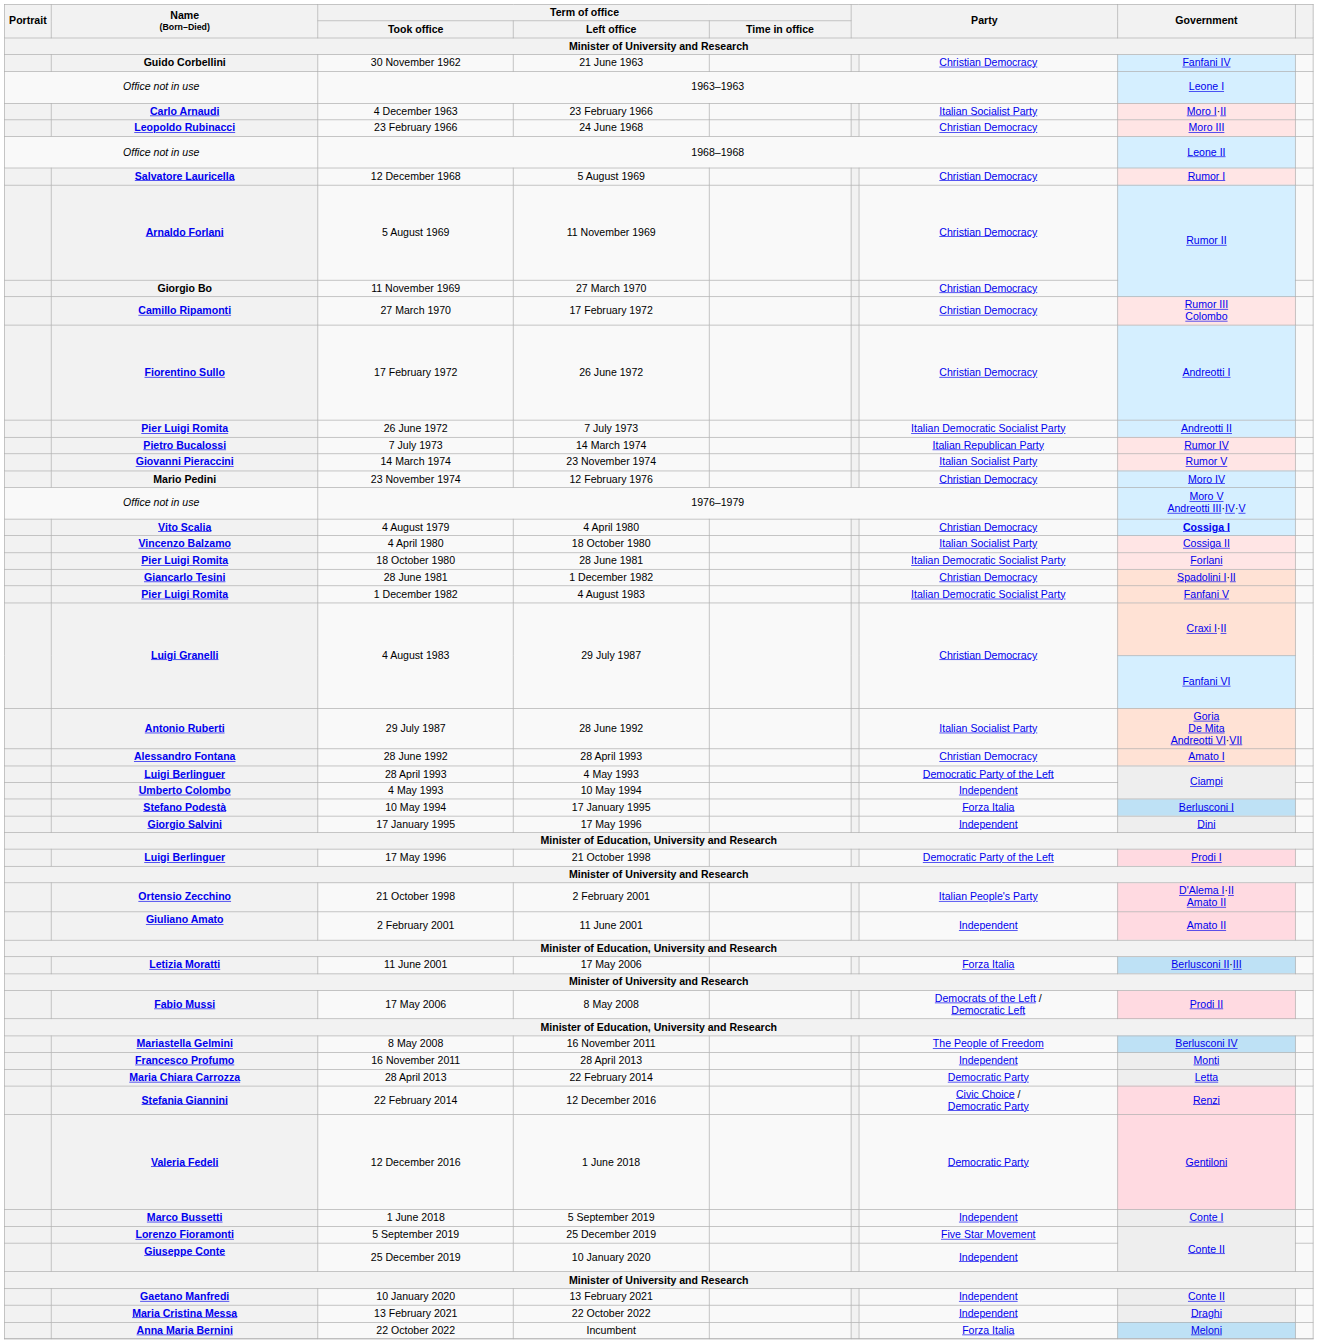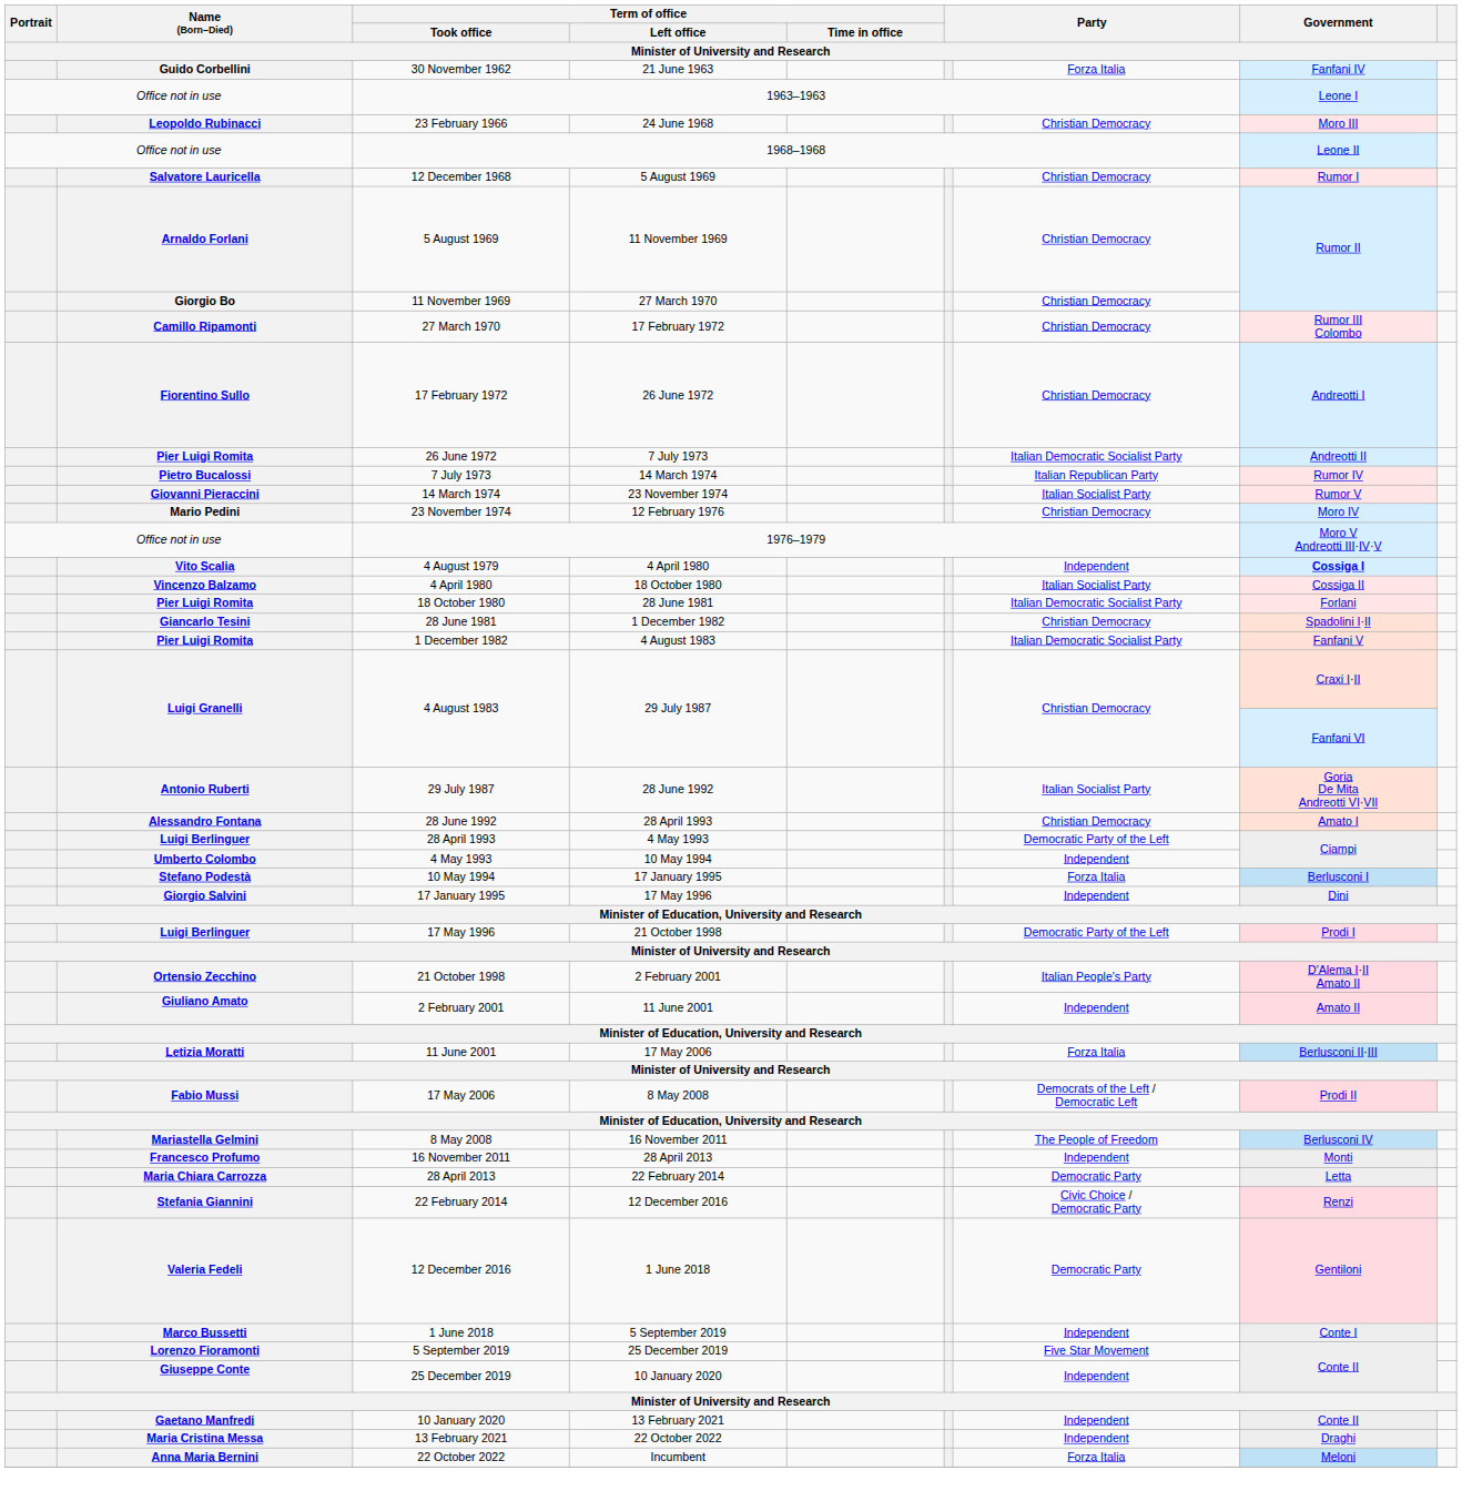 <table class="wikitable" style="text-align:center; style="width=100%">
 <tr>
 <th width=1% rowspan=2>Portrait</th>
 <th width=15% rowspan=2>Name<br><small>(Born–Died)</small></th>
 <th width=30% colspan=3>Term of office</th>
 <th width=15% rowspan=2 colspan=2>Party</th>
 <th width=10% rowspan=2>Government</th>
 <th width=1% rowspan=2></th>
 </tr>
 <tr style="text-align:center;">
 <th width=11%>Took office</th>
 <th width=11%>Left office</th>
 <th width=8%>Time in office</th>
 </tr>
 <tr>
 <th colspan=9>Minister of University and Research</th>
 </tr>
 <tr>
 <th></th>
 <th scope="row" style="font-weight:normal"><strong>Guido Corbellini</strong><br></th>
 <td>30 November 1962</td>
 <td>21 June 1963</td>
 <td></td>
 <th style="background:"></th>
-<td><a href='#'>Christian Democracy</a></td>
+<td><a href='#'>Forza Italia</a></td>
 <td bgcolor=#D5EFFF><a href='#'>Fanfani IV</a></td>
 <td></td>
 </tr>
 <tr style="height:3em;">
 <td colspan=2><em>Office not in use</em></td>
 <td colspan=5 align="center">1963–1963</td>
 <td bgcolor=#D5EFFF><a href='#'>Leone I</a></td>
-<td></td>
-</tr>
-<tr>
-<th></th>
-<th scope="row" style="font-weight:normal"><strong><a href='#'>Carlo Arnaudi</a></strong><br></th>
-<td>4 December 1963</td>
-<td>23 February 1966</td>
-<td></td>
-<th style="background:"></th>
-<td><a href='#'>Italian Socialist Party</a></td>
-<td bgcolor=#FFE5E5><a href='#'>Moro I</a>·<a href='#'>II</a></td>
 <td></td>
 </tr>
 <tr>
 <th></th>
 <th scope="row" style="font-weight:normal"><strong><a href='#'>Leopoldo Rubinacci</a></strong><br></th>
 <td>23 February 1966</td>
 <td>24 June 1968</td>
 <td></td>
 <th style="background:"></th>
 <td><a href='#'>Christian Democracy</a></td>
 <td bgcolor=#FFE5E5><a href='#'>Moro III</a></td>
 <td></td>
 </tr>
 <tr style="height:3em;">
 <td colspan=2><em>Office not in use</em></td>
 <td colspan=5 align="center">1968–1968</td>
 <td bgcolor=#D5EFFF><a href='#'>Leone II</a></td>
 <td></td>
 </tr>
 <tr>
 <th></th>
 <th scope="row" style="font-weight:normal"><strong><a href='#'>Salvatore Lauricella</a></strong><br></th>
 <td>12 December 1968</td>
 <td>5 August 1969</td>
 <td></td>
 <th style="background:"></th>
 <td><a href='#'>Christian Democracy</a></td>
 <td bgcolor=#FFE5E5><a href='#'>Rumor I</a></td>
 <td></td>
 </tr>
 <tr style="height:9em;">
 <th></th>
 <th scope="row" style="font-weight:normal"><strong><a href='#'>Arnaldo Forlani</a></strong><br></th>
 <td>5 August 1969</td>
 <td>11 November 1969</td>
 <td></td>
 <th style="background:"></th>
 <td><a href='#'>Christian Democracy</a></td>
 <td rowspan=2 bgcolor=#D5EFFF><a href='#'>Rumor II</a></td>
 <td></td>
 </tr>
 <tr>
 <th></th>
 <th scope="row" style="font-weight:normal"><strong>Giorgio Bo</strong><br></th>
 <td>11 November 1969</td>
 <td>27 March 1970</td>
 <td></td>
 <th style="background:"></th>
 <td><a href='#'>Christian Democracy</a></td>
 <td></td>
 </tr>
 <tr>
 <th></th>
 <th scope="row" style="font-weight:normal"><strong><a href='#'>Camillo Ripamonti</a></strong><br></th>
 <td>27 March 1970</td>
 <td>17 February 1972</td>
 <td></td>
 <th style="background:"></th>
 <td><a href='#'>Christian Democracy</a></td>
 <td bgcolor=#FFE5E5><a href='#'>Rumor III</a><br><a href='#'>Colombo</a></td>
 <td></td>
 </tr>
 <tr style="height:9em;">
 <th></th>
 <th scope="row" style="font-weight:normal"><strong><a href='#'>Fiorentino Sullo</a></strong><br></th>
 <td>17 February 1972</td>
 <td>26 June 1972</td>
 <td></td>
 <th style="background:"></th>
 <td><a href='#'>Christian Democracy</a></td>
 <td bgcolor=#D5EFFF><a href='#'>Andreotti I</a></td>
 <td></td>
 </tr>
 <tr>
 <th></th>
 <th scope="row" style="font-weight:normal"><strong><a href='#'>Pier Luigi Romita</a></strong><br></th>
 <td>26 June 1972</td>
 <td>7 July 1973</td>
 <td></td>
 <th style="background:"></th>
 <td><a href='#'>Italian Democratic Socialist Party</a></td>
 <td bgcolor=#D5EFFF><a href='#'>Andreotti II</a></td>
 <td></td>
 </tr>
 <tr>
 <th></th>
 <th scope="row" style="font-weight:normal"><strong><a href='#'>Pietro Bucalossi</a></strong><br></th>
 <td>7 July 1973</td>
 <td>14 March 1974</td>
 <td></td>
 <th style="background:"></th>
 <td><a href='#'>Italian Republican Party</a></td>
 <td bgcolor=#FFE5E5><a href='#'>Rumor IV</a></td>
 <td></td>
 </tr>
 <tr>
 <th></th>
 <th scope="row" style="font-weight:normal"><strong><a href='#'>Giovanni Pieraccini</a></strong><br></th>
 <td>14 March 1974</td>
 <td>23 November 1974</td>
 <td></td>
 <th style="background:"></th>
 <td><a href='#'>Italian Socialist Party</a></td>
 <td bgcolor=#FFE5E5><a href='#'>Rumor V</a></td>
 <td></td>
 </tr>
 <tr>
 <th></th>
 <th scope="row" style="font-weight:normal"><strong>Mario Pedini</strong><br></th>
 <td>23 November 1974</td>
 <td>12 February 1976</td>
 <td></td>
 <th style="background:"></th>
 <td><a href='#'>Christian Democracy</a></td>
 <td bgcolor=#D5EFFF><a href='#'>Moro IV</a></td>
 <td></td>
 </tr>
 <tr style="height:3em;">
 <td colspan=2><em>Office not in use</em></td>
 <td colspan=5 align="center">1976–1979</td>
 <td bgcolor=#D5EFFF><a href='#'>Moro V</a><br><a href='#'>Andreotti III</a>·<a href='#'>IV</a>·<a href='#'>V</a></td>
 <td></td>
 </tr>
 <tr>
 <th></th>
 <th scope="row" style="font-weight:normal"><strong><a href='#'>Vito Scalia</a></strong><br></th>
 <td>4 August 1979</td>
 <td>4 April 1980</td>
 <td></td>
 <th style="background:"></th>
-<td><a href='#'>Christian Democracy</a></td>
+<td><a href='#'>Independent</a></td>
 <td bgcolor=#D5EFFF><strong><a href='#'>Cossiga I</a></strong></td>
 <td></td>
 </tr>
 <tr>
 <th></th>
 <th scope="row" style="font-weight:normal"><strong><a href='#'>Vincenzo Balzamo</a></strong><br></th>
 <td>4 April 1980</td>
 <td>18 October 1980</td>
 <td></td>
 <th style="background:"></th>
 <td><a href='#'>Italian Socialist Party</a></td>
 <td bgcolor=#FFE5E5><a href='#'>Cossiga II</a></td>
 <td></td>
 </tr>
 <tr>
 <th></th>
 <th scope="row" style="font-weight:normal"><strong><a href='#'>Pier Luigi Romita</a></strong><br></th>
 <td>18 October 1980</td>
 <td>28 June 1981</td>
 <td></td>
 <th style="background:"></th>
 <td><a href='#'>Italian Democratic Socialist Party</a></td>
 <td bgcolor=#FFE5E5><a href='#'>Forlani</a></td>
 <td></td>
 </tr>
 <tr>
 <th></th>
 <th scope="row" style="font-weight:normal"><strong><a href='#'>Giancarlo Tesini</a></strong><br></th>
 <td>28 June 1981</td>
 <td>1 December 1982</td>
 <td></td>
 <th style="background:"></th>
 <td><a href='#'>Christian Democracy</a></td>
 <td bgcolor=#FFE2D5><a href='#'>Spadolini I</a>·<a href='#'>II</a></td>
 <td></td>
 </tr>
 <tr>
 <th></th>
 <th scope="row" style="font-weight:normal"><strong><a href='#'>Pier Luigi Romita</a></strong><br></th>
 <td>1 December 1982</td>
 <td>4 August 1983</td>
 <td></td>
 <th style="background:"></th>
 <td><a href='#'>Italian Democratic Socialist Party</a></td>
 <td bgcolor=#FFE2D5><a href='#'>Fanfani V</a></td>
 <td></td>
 </tr>
 <tr style="height:5em;">
 <th rowspan=2></th>
 <th scope="row" style="font-weight:normal" rowspan=2><strong><a href='#'>Luigi Granelli</a></strong><br></th>
 <td rowspan=2>4 August 1983</td>
 <td rowspan=2>29 July 1987</td>
 <td rowspan=2></td>
 <th rowspan=2 style="background:"></th>
 <td rowspan=2><a href='#'>Christian Democracy</a></td>
 <td bgcolor=#FFE2D5><a href='#'>Craxi I</a>·<a href='#'>II</a></td>
 <td rowspan=2></td>
 </tr>
 <tr style="height:5em;">
 <td bgcolor=#D5EFFF><a href='#'>Fanfani VI</a></td>
 </tr>
 <tr>
 <th></th>
 <th scope="row" style="font-weight:normal"><strong><a href='#'>Antonio Ruberti</a></strong><br></th>
 <td>29 July 1987</td>
 <td>28 June 1992</td>
 <td></td>
 <th style="background:"></th>
 <td><a href='#'>Italian Socialist Party</a></td>
 <td bgcolor=#FFE2D5><a href='#'>Goria</a><br><a href='#'>De Mita</a><br><a href='#'>Andreotti VI</a>·<a href='#'>VII</a></td>
 <td></td>
 </tr>
 <tr>
 <th></th>
 <th scope="row" style="font-weight:normal"><strong><a href='#'>Alessandro Fontana</a></strong><br></th>
 <td>28 June 1992</td>
 <td>28 April 1993</td>
 <td></td>
 <th style="background:"></th>
 <td><a href='#'>Christian Democracy</a></td>
 <td bgcolor=#FFE2D5><a href='#'>Amato I</a></td>
 <td></td>
 </tr>
 <tr>
 <th></th>
 <th scope="row" style="font-weight:normal"><strong><a href='#'>Luigi Berlinguer</a></strong><br></th>
 <td>28 April 1993</td>
 <td>4 May 1993</td>
 <td></td>
 <th style="background:"></th>
 <td><a href='#'>Democratic Party of the Left</a></td>
 <td rowspan=2 bgcolor=#EEEEEE><a href='#'>Ciampi</a></td>
 <td></td>
 </tr>
 <tr>
 <th></th>
 <th scope="row" style="font-weight:normal"><strong><a href='#'>Umberto Colombo</a></strong><br></th>
 <td>4 May 1993</td>
 <td>10 May 1994</td>
 <td></td>
 <th style="background:"></th>
 <td><a href='#'>Independent</a></td>
 <td></td>
 </tr>
 <tr>
 <th></th>
 <th scope="row" style="font-weight:normal"><strong><a href='#'>Stefano Podestà</a></strong><br></th>
 <td>10 May 1994</td>
 <td>17 January 1995</td>
 <td></td>
 <th style="background:"></th>
 <td><a href='#'>Forza Italia</a></td>
 <td bgcolor=#BEE1F5><a href='#'>Berlusconi I</a></td>
 <td></td>
 </tr>
 <tr>
 <th></th>
 <th scope="row" style="font-weight:normal"><strong><a href='#'>Giorgio Salvini</a></strong><br></th>
 <td>17 January 1995</td>
 <td>17 May 1996</td>
 <td></td>
 <th style="background:"></th>
 <td><a href='#'>Independent</a></td>
 <td bgcolor=#EEEEEE><a href='#'>Dini</a></td>
 <td></td>
 </tr>
 <tr>
 <th colspan=9>Minister of Education, University and Research</th>
 </tr>
 <tr>
 <th></th>
 <th scope="row" style="font-weight:normal"><strong><a href='#'>Luigi Berlinguer</a></strong><br></th>
 <td>17 May 1996</td>
 <td>21 October 1998</td>
 <td></td>
 <th style="background:"></th>
 <td><a href='#'>Democratic Party of the Left</a></td>
 <td bgcolor=#FFDAE1><a href='#'>Prodi I</a></td>
 <td></td>
 </tr>
 <tr>
 <th colspan=9>Minister of University and Research</th>
 </tr>
 <tr>
 <th></th>
 <th scope="row" style="font-weight:normal"><strong><a href='#'>Ortensio Zecchino</a></strong><br></th>
 <td>21 October 1998</td>
 <td>2 February 2001</td>
 <td></td>
 <th style="background:"></th>
 <td><a href='#'>Italian People's Party</a></td>
 <td bgcolor=#FFDAE1><a href='#'>D'Alema I</a>·<a href='#'>II</a><br><a href='#'>Amato II</a></td>
 <td></td>
 </tr>
 <tr>
 <th></th>
 <th scope="row" style="font-weight:normal"><strong><a href='#'>Giuliano Amato</a></strong><br><br></th>
 <td>2 February 2001</td>
 <td>11 June 2001</td>
 <td></td>
 <th style="background:"></th>
 <td><a href='#'>Independent</a></td>
 <td bgcolor=#FFDAE1><a href='#'>Amato II</a></td>
 <td></td>
 </tr>
 <tr>
 <th colspan=9>Minister of Education, University and Research</th>
 </tr>
 <tr>
 <th></th>
 <th scope="row" style="font-weight:normal"><strong><a href='#'>Letizia Moratti</a></strong><br></th>
 <td>11 June 2001</td>
 <td>17 May 2006</td>
 <td></td>
 <th style="background:"></th>
 <td><a href='#'>Forza Italia</a></td>
 <td bgcolor=#BEE1F5><a href='#'>Berlusconi II</a>·<a href='#'>III</a></td>
 <td></td>
 </tr>
 <tr>
 <th colspan=9>Minister of University and Research</th>
 </tr>
 <tr>
 <th></th>
 <th scope="row" style="font-weight:normal"><strong><a href='#'>Fabio Mussi</a></strong><br></th>
 <td>17 May 2006</td>
 <td>8 May 2008</td>
 <td></td>
 <th style="background:"></th>
 <td><a href='#'>Democrats of the Left</a> /<br><a href='#'>Democratic Left</a></td>
 <td bgcolor=#FFDAE1><a href='#'>Prodi II</a></td>
 <td></td>
 </tr>
 <tr>
 <th colspan=9>Minister of Education, University and Research</th>
 </tr>
 <tr>
 <th></th>
 <th scope="row" style="font-weight:normal"><strong><a href='#'>Mariastella Gelmini</a></strong><br></th>
 <td>8 May 2008</td>
 <td>16 November 2011</td>
 <td></td>
 <th style="background:"></th>
 <td><a href='#'>The People of Freedom</a></td>
 <td bgcolor=#BEE1F5><a href='#'>Berlusconi IV</a></td>
 <td></td>
 </tr>
 <tr>
 <th></th>
 <th scope="row" style="font-weight:normal"><strong><a href='#'>Francesco Profumo</a></strong><br></th>
 <td>16 November 2011</td>
 <td>28 April 2013</td>
 <td></td>
 <th style="background:"></th>
 <td><a href='#'>Independent</a></td>
 <td bgcolor=#EEEEEE><a href='#'>Monti</a></td>
 <td></td>
 </tr>
 <tr>
 <th></th>
 <th scope="row" style="font-weight:normal"><strong><a href='#'>Maria Chiara Carrozza</a></strong><br></th>
 <td>28 April 2013</td>
 <td>22 February 2014</td>
 <td></td>
 <th style="background:"></th>
 <td><a href='#'>Democratic Party</a></td>
 <td bgcolor=#EEEEEE><a href='#'>Letta</a></td>
 <td></td>
 </tr>
 <tr>
 <th></th>
 <th scope="row" style="font-weight:normal"><strong><a href='#'>Stefania Giannini</a></strong><br></th>
 <td>22 February 2014</td>
 <td>12 December 2016</td>
 <td></td>
 <th style="background:"></th>
 <td><a href='#'>Civic Choice</a> /<br><a href='#'>Democratic Party</a></td>
 <td bgcolor=#FFDAE1><a href='#'>Renzi</a></td>
 <td></td>
 </tr>
 <tr style="height:9em;">
 <th></th>
 <th scope="row" style="font-weight:normal"><strong><a href='#'>Valeria Fedeli</a></strong><br></th>
 <td>12 December 2016</td>
 <td>1 June 2018</td>
 <td></td>
 <th style="background:"></th>
 <td><a href='#'>Democratic Party</a></td>
 <td bgcolor=#FFDAE1><a href='#'>Gentiloni</a></td>
 <td></td>
 </tr>
 <tr>
 <th></th>
 <th scope="row" style="font-weight:normal"><strong><a href='#'>Marco Bussetti</a></strong><br></th>
 <td>1 June 2018</td>
 <td>5 September 2019</td>
 <td></td>
 <th style="background:"></th>
 <td><a href='#'>Independent</a></td>
 <td bgcolor=#EEEEEE><a href='#'>Conte I</a></td>
 <td></td>
 </tr>
 <tr>
 <th></th>
 <th scope="row" style="font-weight:normal"><strong><a href='#'>Lorenzo Fioramonti</a></strong><br></th>
 <td>5 September 2019</td>
 <td>25 December 2019</td>
 <td></td>
 <th style="background:"></th>
 <td><a href='#'>Five Star Movement</a></td>
 <td rowspan=2 bgcolor=#EEEEEE><a href='#'>Conte II</a></td>
 <td></td>
 </tr>
 <tr>
 <th></th>
 <th scope="row" style="font-weight:normal"><strong><a href='#'>Giuseppe Conte</a></strong><br><br><em></em></th>
 <td>25 December 2019</td>
 <td>10 January 2020</td>
 <td></td>
 <th style="background:"></th>
 <td><a href='#'>Independent</a></td>
 <td></td>
 </tr>
 <tr>
 <th colspan=9>Minister of University and Research</th>
 </tr>
 <tr>
 <th></th>
 <th scope="row" style="font-weight:normal"><strong><a href='#'>Gaetano Manfredi</a></strong><br></th>
 <td>10 January 2020</td>
 <td>13 February 2021</td>
 <td></td>
 <th style="background:"></th>
 <td><a href='#'>Independent</a></td>
 <td bgcolor=#EEEEEE><a href='#'>Conte II</a></td>
 <td></td>
 </tr>
 <tr>
 <th></th>
 <th scope="row" style="font-weight:normal"><strong><a href='#'>Maria Cristina Messa</a></strong><br></th>
 <td>13 February 2021</td>
 <td>22 October 2022</td>
 <td></td>
 <th style="background:"></th>
 <td><a href='#'>Independent</a></td>
 <td bgcolor=#EEEEEE><a href='#'>Draghi</a></td>
 <td></td>
 </tr>
 <tr>
 <th></th>
 <th scope="row" style="font-weight:normal"><strong><a href='#'>Anna Maria Bernini</a></strong><br></th>
 <td>22 October 2022</td>
 <td>Incumbent</td>
 <td></td>
 <th style="background:"></th>
 <td><a href='#'>Forza Italia</a></td>
 <td bgcolor=#BEE1F5><a href='#'>Meloni</a></td>
 <td></td>
 </tr>
 <tr>
 </tr>
 </table>
